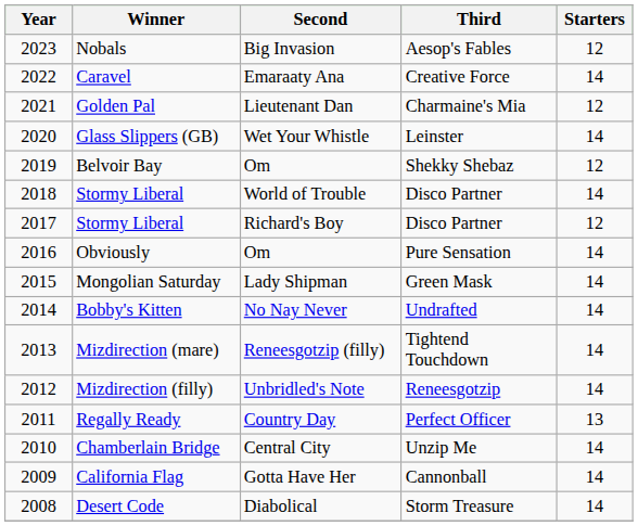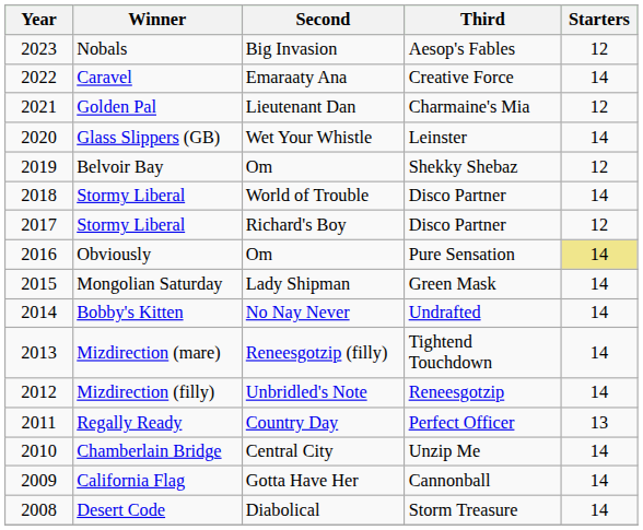 <table class = "wikitable sortable" | border="1" cellpadding="0" style="border-collapse: collapse; font-size:90%">
 <tr bgcolor="#77dd77" align="center">
 <th width="48px"><strong>Year</strong></th>
 <th width="130px"><strong>Winner</strong></th>
 <th width="125px"><strong>Second</strong></th>
 <th width="120px"><strong>Third</strong></th>
 <th width="55px"><strong>Starters</strong></th>
 </tr>
 <tr>
 <td align=center>2023</td>
 <td>Nobals</td>
 <td>Big Invasion</td>
 <td>Aesop's Fables</td>
 <td align=center>12</td>
 </tr>
 <tr>
 <td align=center>2022</td>
 <td><a href='#'>Caravel</a></td>
 <td>Emaraaty Ana</td>
 <td>Creative Force</td>
 <td align=center>14</td>
 </tr>
 <tr>
 <td align=center>2021</td>
 <td><a href='#'>Golden Pal</a></td>
 <td>Lieutenant Dan</td>
 <td>Charmaine's Mia</td>
 <td align=center>12</td>
 </tr>
 <tr>
 <td align=center>2020</td>
 <td><a href='#'>Glass Slippers</a> (GB)</td>
 <td>Wet Your Whistle</td>
 <td>Leinster</td>
 <td align=center>14</td>
 </tr>
 <tr>
 <td align=center>2019</td>
 <td>Belvoir Bay</td>
 <td>Om</td>
 <td>Shekky Shebaz</td>
 <td align=center>12</td>
 </tr>
 <tr>
 <td align=center>2018</td>
 <td><a href='#'>Stormy Liberal</a></td>
 <td>World of Trouble</td>
 <td>Disco Partner</td>
 <td align=center>14</td>
 </tr>
 <tr>
 <td align=center>2017</td>
 <td><a href='#'>Stormy Liberal</a></td>
 <td>Richard's Boy</td>
 <td>Disco Partner</td>
 <td align=center>12</td>
 </tr>
 <tr>
 <td align=center>2016</td>
 <td>Obviously</td>
 <td>Om</td>
 <td>Pure Sensation</td>
-<td align=center>14</td>
+<td align=center style="background: khaki;">14</td>
 </tr>
 <tr>
 <td align=center>2015</td>
 <td>Mongolian Saturday</td>
 <td>Lady Shipman</td>
 <td>Green Mask</td>
 <td align=center>14</td>
 </tr>
 <tr>
 <td align=center>2014</td>
 <td><a href='#'>Bobby's Kitten</a></td>
 <td><a href='#'>No Nay Never</a></td>
 <td><a href='#'>Undrafted</a></td>
 <td align=center>14</td>
 </tr>
 <tr>
 <td align=center>2013</td>
 <td><a href='#'>Mizdirection</a> (mare)</td>
 <td><a href='#'>Reneesgotzip</a> (filly)</td>
 <td>Tightend Touchdown</td>
 <td align=center>14</td>
 </tr>
 <tr>
 <td align=center>2012</td>
 <td><a href='#'>Mizdirection</a> (filly)</td>
 <td><a href='#'>Unbridled's Note</a></td>
 <td><a href='#'>Reneesgotzip</a></td>
 <td align=center>14</td>
 </tr>
 <tr>
 <td align=center>2011</td>
 <td><a href='#'>Regally Ready</a></td>
 <td><a href='#'>Country Day</a></td>
 <td><a href='#'>Perfect Officer</a></td>
 <td align=center>13</td>
 </tr>
 <tr>
 <td align=center>2010</td>
 <td><a href='#'>Chamberlain Bridge</a></td>
 <td>Central City</td>
 <td>Unzip Me</td>
 <td align=center>14</td>
 </tr>
 <tr>
 <td align=center>2009</td>
 <td><a href='#'>California Flag</a></td>
 <td>Gotta Have Her</td>
 <td>Cannonball</td>
 <td align=center>14</td>
 </tr>
 <tr>
 <td align=center>2008</td>
 <td><a href='#'>Desert Code</a></td>
 <td>Diabolical</td>
 <td>Storm Treasure</td>
 <td align=center>14</td>
 </tr>
 <tr>
 </tr>
 </table>
